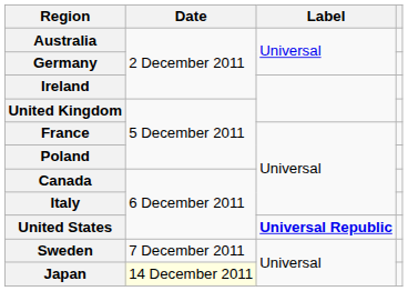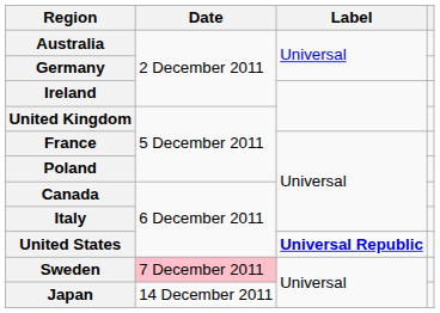 <table class="wikitable plainrowheaders">
 <tr>
 <th scope="col">Region</th>
 <th scope="col">Date</th>
 <th scope="col">Label</th>
 <th scope="col"></th>
 </tr>
 <tr>
 <th scope="row">Australia</th>
 <td rowspan="3">2 December 2011</td>
 <td rowspan="2"><a href='#'>Universal</a></td>
 <td align="center"></td>
 </tr>
 <tr>
 <th scope="row">Germany</th>
 <td align="center"></td>
 </tr>
 <tr>
 <th scope="row">Ireland</th>
 <td rowspan="2"></td>
 <td align="center"></td>
 </tr>
 <tr>
 <th scope="row">United Kingdom</th>
 <td rowspan="3">5 December 2011</td>
 <td align="center"></td>
 </tr>
 <tr>
 <th scope="row">France</th>
 <td rowspan="4">Universal</td>
 <td align="center"></td>
 </tr>
 <tr>
 <th scope="row">Poland</th>
 <td align="center"></td>
 </tr>
 <tr>
 <th scope="row">Canada</th>
 <td rowspan="3">6 December 2011</td>
 <td align="center"></td>
 </tr>
 <tr>
 <th scope="row">Italy</th>
 <td align="center"></td>
 </tr>
 <tr>
 <th scope="row">United States</th>
 <td><strong><a href='#'>Universal Republic</a></strong></td>
 <td align="center"></td>
 </tr>
 <tr>
 <th scope="row">Sweden</th>
-<td>7 December 2011</td>
+<td style="background: pink;">7 December 2011</td>
 <td rowspan="2">Universal</td>
 <td align="center"></td>
 </tr>
 <tr>
 <th scope="row">Japan</th>
-<td style="background: lightyellow;">14 December 2011</td>
+<td>14 December 2011</td>
 <td align="center"></td>
 </tr>
 </table>
